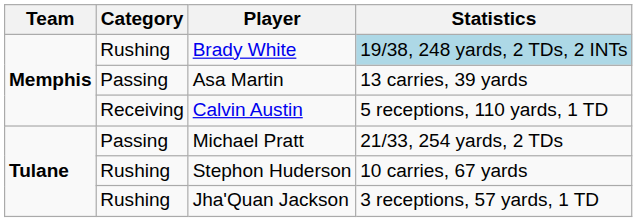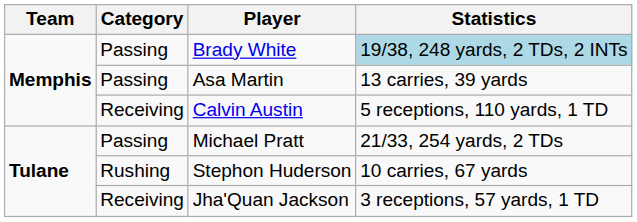 <table class="wikitable" style="float: left;">
 <tr>
 <th>Team</th>
 <th>Category</th>
 <th>Player</th>
 <th>Statistics</th>
 </tr>
 <tr>
 <td rowspan=3><strong>Memphis</strong></td>
-<td>Rushing</td>
+<td>Passing</td>
 <td><a href='#'>Brady White</a></td>
 <td style="background: lightblue;">19/38, 248 yards, 2 TDs, 2 INTs</td>
 </tr>
 <tr>
 <td>Passing</td>
 <td>Asa Martin</td>
 <td>13 carries, 39 yards</td>
 </tr>
 <tr>
 <td>Receiving</td>
 <td><a href='#'>Calvin Austin</a></td>
 <td>5 receptions, 110 yards, 1 TD</td>
 </tr>
 <tr>
 <td rowspan=3><strong>Tulane</strong></td>
 <td>Passing</td>
 <td>Michael Pratt</td>
 <td>21/33, 254 yards, 2 TDs</td>
 </tr>
 <tr>
 <td>Rushing</td>
 <td>Stephon Huderson</td>
 <td>10 carries, 67 yards</td>
 </tr>
 <tr>
-<td>Rushing</td>
+<td>Receiving</td>
 <td>Jha'Quan Jackson</td>
 <td>3 receptions, 57 yards, 1 TD</td>
 </tr>
 </table>
